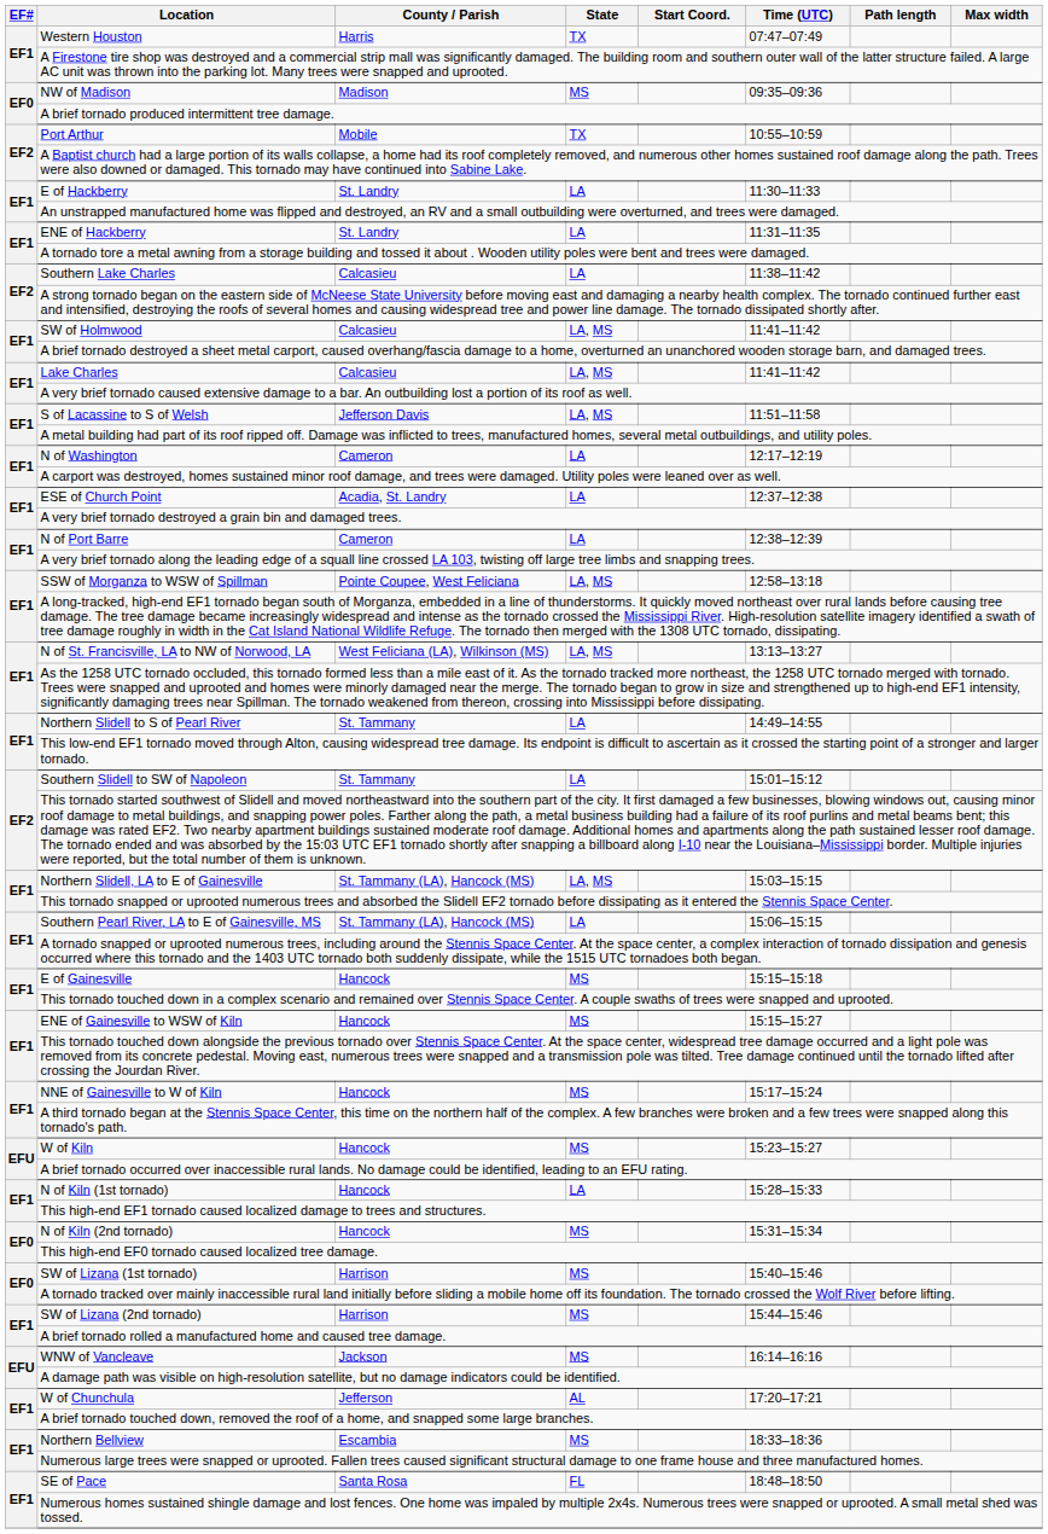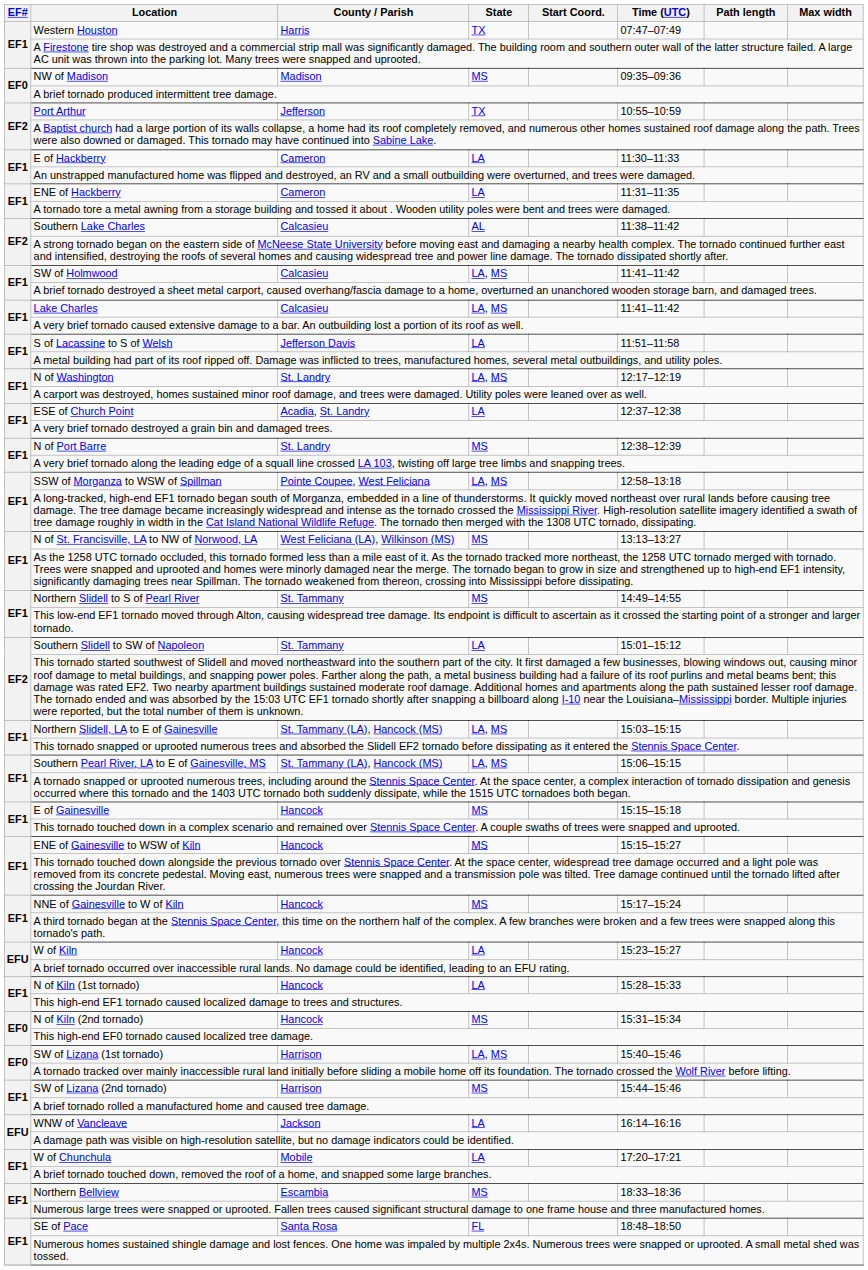 <table class="wikitable sortable" style="width:100%;">
 <tr>
 <th scope="col" width="2%" align="center"><a href='#'>EF#</a></th>
 <th scope="col" align="center" class="unsortable">Location</th>
 <th scope="col" align="center" class="unsortable">County / Parish</th>
 <th scope="col" align="center">State</th>
 <th scope="col" align="center">Start Coord.</th>
 <th scope="col" align="center">Time (<a href='#'>UTC</a>)</th>
 <th scope="col" align="center">Path length</th>
 <th scope="col" align="center">Max width</th>
 </tr>
 <tr>
 <th scope="row" rowspan="2" style="background-color:#">EF1</th>
 <td>Western <a href='#'>Houston</a></td>
 <td><a href='#'>Harris</a></td>
 <td><a href='#'>TX</a></td>
 <td></td>
 <td>07:47–07:49</td>
 <td></td>
 <td></td>
 </tr>
 <tr class="expand-child">
 <td colspan="8" style=" border-bottom: 1px solid black;">A <a href='#'>Firestone</a> tire shop was destroyed and a commercial strip mall was significantly damaged. The building room and southern outer wall of the latter structure failed. A large AC unit was thrown into the parking lot. Many trees were snapped and uprooted.</td>
 </tr>
 <tr>
 <th scope="row" rowspan="2" style="background-color:#">EF0</th>
 <td>NW of <a href='#'>Madison</a></td>
 <td><a href='#'>Madison</a></td>
 <td><a href='#'>MS</a></td>
 <td></td>
 <td>09:35–09:36</td>
 <td></td>
 <td></td>
 </tr>
 <tr class="expand-child">
 <td colspan="8" style=" border-bottom: 1px solid black;">A brief tornado produced intermittent tree damage.</td>
 </tr>
 <tr>
 <th scope="row" rowspan="2" style="background-color:#">EF2</th>
 <td><a href='#'>Port Arthur</a></td>
-<td><a href='#'>Mobile</a></td>
+<td><a href='#'>Jefferson</a></td>
 <td><a href='#'>TX</a></td>
 <td></td>
 <td>10:55–10:59</td>
 <td></td>
 <td></td>
 </tr>
 <tr class="expand-child">
 <td colspan="8" style=" border-bottom: 1px solid black;">A <a href='#'>Baptist church</a> had a large portion of its walls collapse, a home had its roof completely removed, and numerous other homes sustained roof damage along the path. Trees were also downed or damaged. This tornado may have continued into <a href='#'>Sabine Lake</a>.</td>
 </tr>
 <tr>
 <th scope="row" rowspan="2" style="background-color:#">EF1</th>
 <td>E of <a href='#'>Hackberry</a></td>
-<td><a href='#'>St. Landry</a></td>
+<td><a href='#'>Cameron</a></td>
 <td><a href='#'>LA</a></td>
 <td></td>
 <td>11:30–11:33</td>
 <td></td>
 <td></td>
 </tr>
 <tr class="expand-child">
 <td colspan="8" style=" border-bottom: 1px solid black;">An unstrapped manufactured home was flipped and destroyed, an RV and a small outbuilding were overturned, and trees were damaged.</td>
 </tr>
 <tr>
 <th scope="row" rowspan="2" style="background-color:#">EF1</th>
 <td>ENE of <a href='#'>Hackberry</a></td>
-<td><a href='#'>St. Landry</a></td>
+<td><a href='#'>Cameron</a></td>
 <td><a href='#'>LA</a></td>
 <td></td>
 <td>11:31–11:35</td>
 <td></td>
 <td></td>
 </tr>
 <tr class="expand-child">
 <td colspan="8" style=" border-bottom: 1px solid black;">A tornado tore a metal awning from a storage building and tossed it about . Wooden utility poles were bent and trees were damaged.</td>
 </tr>
 <tr>
 <th scope="row" rowspan="2" style="background-color:#">EF2</th>
 <td>Southern <a href='#'>Lake Charles</a></td>
 <td><a href='#'>Calcasieu</a></td>
-<td><a href='#'>LA</a></td>
+<td><a href='#'>AL</a></td>
 <td></td>
 <td>11:38–11:42</td>
 <td></td>
 <td></td>
 </tr>
 <tr class="expand-child">
 <td colspan="8" style=" border-bottom: 1px solid black;">A strong tornado began on the eastern side of <a href='#'>McNeese State University</a> before moving east and damaging a nearby health complex. The tornado continued further east and intensified, destroying the roofs of several homes and causing widespread tree and power line damage. The tornado dissipated shortly after.</td>
 </tr>
 <tr>
 <th scope="row" rowspan="2" style="background-color:#">EF1</th>
 <td>SW of <a href='#'>Holmwood</a></td>
 <td><a href='#'>Calcasieu</a></td>
 <td><a href='#'>LA</a>, <a href='#'>MS</a></td>
 <td></td>
 <td>11:41–11:42</td>
 <td></td>
 <td></td>
 </tr>
 <tr class="expand-child">
 <td colspan="8" style=" border-bottom: 1px solid black;">A brief tornado destroyed a sheet metal carport, caused overhang/fascia damage to a home, overturned an unanchored wooden storage barn, and damaged trees.</td>
 </tr>
 <tr>
 <th scope="row" rowspan="2" style="background-color:#">EF1</th>
 <td><a href='#'>Lake Charles</a></td>
 <td><a href='#'>Calcasieu</a></td>
 <td><a href='#'>LA</a>, <a href='#'>MS</a></td>
 <td></td>
 <td>11:41–11:42</td>
 <td></td>
 <td></td>
 </tr>
 <tr class="expand-child">
 <td colspan="8" style=" border-bottom: 1px solid black;">A very brief tornado caused extensive damage to a bar. An outbuilding lost a portion of its roof as well.</td>
 </tr>
 <tr>
 <th scope="row" rowspan="2" style="background-color:#">EF1</th>
 <td>S of <a href='#'>Lacassine</a> to S of <a href='#'>Welsh</a></td>
 <td><a href='#'>Jefferson Davis</a></td>
-<td><a href='#'>LA</a>, <a href='#'>MS</a></td>
+<td><a href='#'>LA</a></td>
 <td></td>
 <td>11:51–11:58</td>
 <td></td>
 <td></td>
 </tr>
 <tr class="expand-child">
 <td colspan="8" style=" border-bottom: 1px solid black;">A metal building had part of its roof ripped off. Damage was inflicted to trees, manufactured homes, several metal outbuildings, and utility poles.</td>
 </tr>
 <tr>
 <th scope="row" rowspan="2" style="background-color:#">EF1</th>
 <td>N of <a href='#'>Washington</a></td>
-<td><a href='#'>Cameron</a></td>
-<td><a href='#'>LA</a></td>
+<td><a href='#'>St. Landry</a></td>
+<td><a href='#'>LA</a>, <a href='#'>MS</a></td>
 <td></td>
 <td>12:17–12:19</td>
 <td></td>
 <td></td>
 </tr>
 <tr class="expand-child">
 <td colspan="8" style=" border-bottom: 1px solid black;">A carport was destroyed, homes sustained minor roof damage, and trees were damaged. Utility poles were leaned over as well.</td>
 </tr>
 <tr>
 <th scope="row" rowspan="2" style="background-color:#">EF1</th>
 <td>ESE of <a href='#'>Church Point</a></td>
 <td><a href='#'>Acadia</a>, <a href='#'>St. Landry</a></td>
 <td><a href='#'>LA</a></td>
 <td></td>
 <td>12:37–12:38</td>
 <td></td>
 <td></td>
 </tr>
 <tr class="expand-child">
 <td colspan="8" style=" border-bottom: 1px solid black;">A very brief tornado destroyed a grain bin and damaged trees.</td>
 </tr>
 <tr>
 <th scope="row" rowspan="2" style="background-color:#">EF1</th>
 <td>N of <a href='#'>Port Barre</a></td>
-<td><a href='#'>Cameron</a></td>
-<td><a href='#'>LA</a></td>
+<td><a href='#'>St. Landry</a></td>
+<td><a href='#'>MS</a></td>
 <td></td>
 <td>12:38–12:39</td>
 <td></td>
 <td></td>
 </tr>
 <tr class="expand-child">
 <td colspan="8" style=" border-bottom: 1px solid black;">A very brief tornado along the leading edge of a squall line crossed <a href='#'>LA 103</a>, twisting off large tree limbs and snapping trees.</td>
 </tr>
 <tr>
 <th scope="row" rowspan="2" style="background-color:#">EF1</th>
 <td>SSW of <a href='#'>Morganza</a> to WSW of <a href='#'>Spillman</a></td>
 <td><a href='#'>Pointe Coupee</a>, <a href='#'>West Feliciana</a></td>
 <td><a href='#'>LA</a>, <a href='#'>MS</a></td>
 <td></td>
 <td>12:58–13:18</td>
 <td></td>
 <td></td>
 </tr>
 <tr class="expand-child">
 <td colspan="8" style=" border-bottom: 1px solid black;">A long-tracked, high-end EF1 tornado began south of Morganza, embedded in a line of thunderstorms. It quickly moved northeast over rural lands before causing tree damage. The tree damage became increasingly widespread and intense as the tornado crossed the <a href='#'>Mississippi River</a>. High-resolution satellite imagery identified a swath of tree damage roughly  in width in the <a href='#'>Cat Island National Wildlife Refuge</a>. The tornado then merged with the 1308 UTC tornado, dissipating.</td>
 </tr>
 <tr>
 <th scope="row" rowspan="2" style="background-color:#">EF1</th>
 <td>N of <a href='#'>St. Francisville, LA</a> to NW of <a href='#'>Norwood, LA</a></td>
 <td><a href='#'>West Feliciana (LA)</a>, <a href='#'>Wilkinson (MS)</a></td>
-<td><a href='#'>LA</a>, <a href='#'>MS</a></td>
+<td><a href='#'>MS</a></td>
 <td></td>
 <td>13:13–13:27</td>
 <td></td>
 <td></td>
 </tr>
 <tr class="expand-child">
 <td colspan="8" style=" border-bottom: 1px solid black;">As the 1258 UTC tornado occluded, this tornado formed less than a mile east of it. As the tornado tracked more northeast, the 1258 UTC tornado merged with tornado. Trees were snapped and uprooted and homes were minorly damaged near the merge. The tornado began to grow in size and strengthened up to high-end EF1 intensity, significantly damaging trees near Spillman. The tornado weakened from thereon, crossing into Mississippi before dissipating.</td>
 </tr>
 <tr>
 <th scope="row" rowspan="2" style="background-color:#">EF1</th>
 <td>Northern <a href='#'>Slidell</a> to S of <a href='#'>Pearl River</a></td>
 <td><a href='#'>St. Tammany</a></td>
-<td><a href='#'>LA</a></td>
+<td><a href='#'>MS</a></td>
 <td></td>
 <td>14:49–14:55</td>
 <td></td>
 <td></td>
 </tr>
 <tr class="expand-child">
 <td colspan="8" style=" border-bottom: 1px solid black;">This low-end EF1 tornado moved through Alton, causing widespread tree damage. Its endpoint is difficult to ascertain as it crossed the starting point of a stronger and larger tornado.</td>
 </tr>
 <tr>
 <th scope="row" rowspan="2" style="background-color:#">EF2</th>
 <td>Southern <a href='#'>Slidell</a> to SW of <a href='#'>Napoleon</a></td>
 <td><a href='#'>St. Tammany</a></td>
 <td><a href='#'>LA</a></td>
 <td></td>
 <td>15:01–15:12</td>
 <td></td>
 <td></td>
 </tr>
 <tr class="expand-child">
 <td colspan="8" style=" border-bottom: 1px solid black;">This tornado started southwest of Slidell and moved northeastward into the southern part of the city. It first damaged a few businesses, blowing windows out, causing minor roof damage to metal buildings, and snapping power poles. Farther along the path, a metal business building had a failure of its roof purlins and metal beams bent; this damage was rated EF2. Two nearby apartment buildings sustained moderate roof damage. Additional homes and apartments along the path sustained lesser roof damage. The tornado ended and was absorbed by the 15:03 UTC EF1 tornado shortly after snapping a billboard along <a href='#'>I-10</a> near the Louisiana–<a href='#'>Mississippi</a> border. Multiple injuries were reported, but the total number of them is unknown.</td>
 </tr>
 <tr>
 <th scope="row" rowspan="2" style="background-color:#">EF1</th>
 <td>Northern <a href='#'>Slidell, LA</a> to E of <a href='#'>Gainesville</a></td>
 <td><a href='#'>St. Tammany (LA)</a>, <a href='#'>Hancock (MS)</a></td>
 <td><a href='#'>LA</a>, <a href='#'>MS</a></td>
 <td></td>
 <td>15:03–15:15</td>
 <td></td>
 <td></td>
 </tr>
 <tr class="expand-child">
 <td colspan="8" style=" border-bottom: 1px solid black;">This tornado snapped or uprooted numerous trees and absorbed the Slidell EF2 tornado before dissipating as it entered the <a href='#'>Stennis Space Center</a>.</td>
 </tr>
 <tr>
 <th scope="row" rowspan="2" style="background-color:#">EF1</th>
 <td>Southern <a href='#'>Pearl River, LA</a> to E of <a href='#'>Gainesville, MS</a></td>
 <td><a href='#'>St. Tammany (LA)</a>, <a href='#'>Hancock (MS)</a></td>
-<td><a href='#'>LA</a></td>
+<td><a href='#'>LA</a>, <a href='#'>MS</a></td>
 <td></td>
 <td>15:06–15:15</td>
 <td></td>
 <td></td>
 </tr>
 <tr class="expand-child">
 <td colspan="8" style=" border-bottom: 1px solid black;">A tornado snapped or uprooted numerous trees, including around the <a href='#'>Stennis Space Center</a>. At the space center, a complex interaction of tornado dissipation and genesis occurred where this tornado and the 1403 UTC tornado both suddenly dissipate, while the 1515 UTC tornadoes both began.</td>
 </tr>
 <tr>
 <th scope="row" rowspan="2" style="background-color:#">EF1</th>
 <td>E of <a href='#'>Gainesville</a></td>
 <td><a href='#'>Hancock</a></td>
 <td><a href='#'>MS</a></td>
 <td></td>
 <td>15:15–15:18</td>
 <td></td>
 <td></td>
 </tr>
 <tr class="expand-child">
 <td colspan="8" style=" border-bottom: 1px solid black;">This tornado touched down in a complex scenario and remained over <a href='#'>Stennis Space Center</a>. A couple swaths of trees were snapped and uprooted.</td>
 </tr>
 <tr>
 <th scope="row" rowspan="2" style="background-color:#">EF1</th>
 <td>ENE of <a href='#'>Gainesville</a> to WSW of <a href='#'>Kiln</a></td>
 <td><a href='#'>Hancock</a></td>
 <td><a href='#'>MS</a></td>
 <td></td>
 <td>15:15–15:27</td>
 <td></td>
 <td></td>
 </tr>
 <tr class="expand-child">
 <td colspan="8" style=" border-bottom: 1px solid black;">This tornado touched down alongside the previous tornado over <a href='#'>Stennis Space Center</a>. At the space center, widespread tree damage occurred and a light pole was removed from its concrete pedestal. Moving east, numerous trees were snapped and a transmission pole was tilted. Tree damage continued until the tornado lifted after crossing the Jourdan River.</td>
 </tr>
 <tr>
 <th scope="row" rowspan="2" style="background-color:#">EF1</th>
 <td>NNE of <a href='#'>Gainesville</a> to W of <a href='#'>Kiln</a></td>
 <td><a href='#'>Hancock</a></td>
 <td><a href='#'>MS</a></td>
 <td></td>
 <td>15:17–15:24</td>
 <td></td>
 <td></td>
 </tr>
 <tr class="expand-child">
 <td colspan="8" style=" border-bottom: 1px solid black;">A third tornado began at the <a href='#'>Stennis Space Center</a>, this time on the northern half of the complex. A few branches were broken and a few trees were snapped along this tornado's path.</td>
 </tr>
 <tr>
 <th scope="row" rowspan="2" style="background-color:#">EFU</th>
 <td>W of <a href='#'>Kiln</a></td>
 <td><a href='#'>Hancock</a></td>
-<td><a href='#'>MS</a></td>
+<td><a href='#'>LA</a></td>
 <td></td>
 <td>15:23–15:27</td>
 <td></td>
 <td></td>
 </tr>
 <tr class="expand-child">
 <td colspan="8" style=" border-bottom: 1px solid black;">A brief tornado occurred over inaccessible rural lands. No damage could be identified, leading to an EFU rating.</td>
 </tr>
 <tr>
 <th scope="row" rowspan="2" style="background-color:#">EF1</th>
 <td>N of <a href='#'>Kiln</a> (1st tornado)</td>
 <td><a href='#'>Hancock</a></td>
 <td><a href='#'>LA</a></td>
 <td></td>
 <td>15:28–15:33</td>
 <td></td>
 <td></td>
 </tr>
 <tr class="expand-child">
 <td colspan="8" style=" border-bottom: 1px solid black;">This high-end EF1 tornado caused localized damage to trees and structures.</td>
 </tr>
 <tr>
 <th scope="row" rowspan="2" style="background-color:#">EF0</th>
 <td>N of <a href='#'>Kiln</a> (2nd tornado)</td>
 <td><a href='#'>Hancock</a></td>
 <td><a href='#'>MS</a></td>
 <td></td>
 <td>15:31–15:34</td>
 <td></td>
 <td></td>
 </tr>
 <tr class="expand-child">
 <td colspan="8" style=" border-bottom: 1px solid black;">This high-end EF0 tornado caused localized tree damage.</td>
 </tr>
 <tr>
 <th scope="row" rowspan="2" style="background-color:#">EF0</th>
 <td>SW of <a href='#'>Lizana</a> (1st tornado)</td>
 <td><a href='#'>Harrison</a></td>
-<td><a href='#'>MS</a></td>
+<td><a href='#'>LA</a>, <a href='#'>MS</a></td>
 <td></td>
 <td>15:40–15:46</td>
 <td></td>
 <td></td>
 </tr>
 <tr class="expand-child">
 <td colspan="8" style=" border-bottom: 1px solid black;">A tornado tracked over mainly inaccessible rural land initially before sliding a mobile home off its foundation. The tornado crossed the <a href='#'>Wolf River</a> before lifting.</td>
 </tr>
 <tr>
 <th scope="row" rowspan="2" style="background-color:#">EF1</th>
 <td>SW of <a href='#'>Lizana</a> (2nd tornado)</td>
 <td><a href='#'>Harrison</a></td>
 <td><a href='#'>MS</a></td>
 <td></td>
 <td>15:44–15:46</td>
 <td></td>
 <td></td>
 </tr>
 <tr class="expand-child">
 <td colspan="8" style=" border-bottom: 1px solid black;">A brief tornado rolled a manufactured home and caused tree damage.</td>
 </tr>
 <tr>
 <th scope="row" rowspan="2" style="background-color:#">EFU</th>
 <td>WNW of <a href='#'>Vancleave</a></td>
 <td><a href='#'>Jackson</a></td>
-<td><a href='#'>MS</a></td>
+<td><a href='#'>LA</a></td>
 <td></td>
 <td>16:14–16:16</td>
 <td></td>
 <td></td>
 </tr>
 <tr class="expand-child">
 <td colspan="8" style=" border-bottom: 1px solid black;">A damage path was visible on high-resolution satellite, but no damage indicators could be identified.</td>
 </tr>
 <tr>
 <th scope="row" rowspan="2" style="background-color:#">EF1</th>
 <td>W of <a href='#'>Chunchula</a></td>
-<td><a href='#'>Jefferson</a></td>
-<td><a href='#'>AL</a></td>
+<td><a href='#'>Mobile</a></td>
+<td><a href='#'>LA</a></td>
 <td></td>
 <td>17:20–17:21</td>
 <td></td>
 <td></td>
 </tr>
 <tr class="expand-child">
 <td colspan="8" style=" border-bottom: 1px solid black;">A brief tornado touched down, removed the roof of a home, and snapped some large branches.</td>
 </tr>
 <tr>
 <th scope="row" rowspan="2" style="background-color:#">EF1</th>
 <td>Northern <a href='#'>Bellview</a></td>
 <td><a href='#'>Escambia</a></td>
 <td><a href='#'>MS</a></td>
 <td></td>
 <td>18:33–18:36</td>
 <td></td>
 <td></td>
 </tr>
 <tr class="expand-child">
 <td colspan="8" style=" border-bottom: 1px solid black;">Numerous large trees were snapped or uprooted. Fallen trees caused significant structural damage to one frame house and three manufactured homes.</td>
 </tr>
 <tr>
 <th scope="row" rowspan="2" style="background-color:#">EF1</th>
 <td>SE of <a href='#'>Pace</a></td>
 <td><a href='#'>Santa Rosa</a></td>
 <td><a href='#'>FL</a></td>
 <td></td>
 <td>18:48–18:50</td>
 <td></td>
 <td></td>
 </tr>
 <tr class="expand-child">
 <td colspan="8" style=" border-bottom: 1px solid black;">Numerous homes sustained shingle damage and lost fences. One home was impaled by multiple 2x4s. Numerous trees were snapped or uprooted. A small metal shed was tossed.</td>
 </tr>
 <tr>
 </tr>
 </table>
